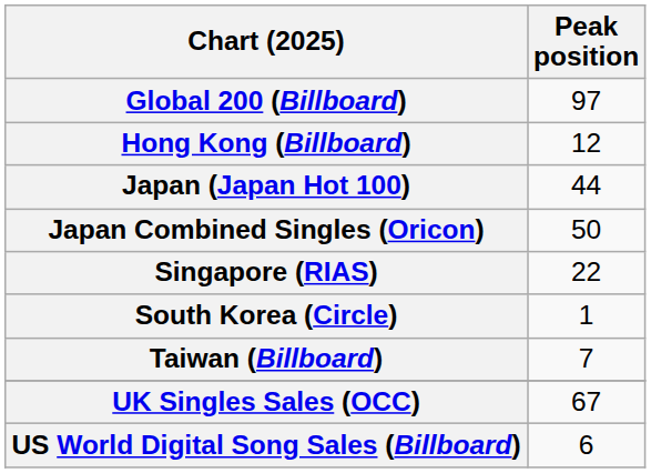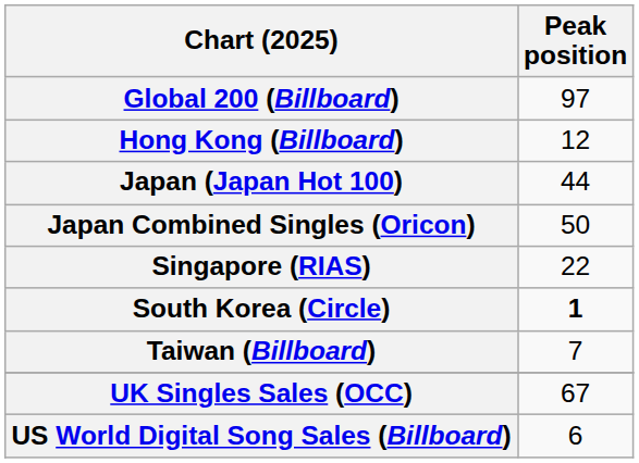 <table class="wikitable plainrowheaders sortable" style="text-align:center">
 <tr>
 <th scope="col">Chart (2025)</th>
 <th scope="col">Peak<br>position</th>
 </tr>
 <tr>
 <th scope="row"><a href='#'>Global 200</a> (<em><a href='#'>Billboard</a></em>)</th>
 <td>97</td>
 </tr>
 <tr>
 <th scope="row"><a href='#'>Hong Kong</a> (<em><a href='#'>Billboard</a></em>)</th>
 <td>12</td>
 </tr>
 <tr>
 <th scope="row">Japan (<a href='#'>Japan Hot 100</a>)</th>
 <td>44</td>
 </tr>
 <tr>
 <th scope="row">Japan Combined Singles (<a href='#'>Oricon</a>)</th>
 <td>50</td>
 </tr>
 <tr>
 <th scope="row">Singapore (<a href='#'>RIAS</a>)</th>
 <td>22</td>
 </tr>
 <tr>
 <th scope="row">South Korea (<a href='#'>Circle</a>)</th>
-<td>1</td>
+<td><strong>1</strong></td>
 </tr>
 <tr>
 <th scope="row">Taiwan (<em><a href='#'>Billboard</a></em>)</th>
 <td>7</td>
 </tr>
 <tr>
 </tr>
 <tr>
 <th scope="row"><a href='#'>UK Singles Sales</a> (<a href='#'>OCC</a>)</th>
 <td>67</td>
 </tr>
 <tr>
 <th scope="row">US <a href='#'>World Digital Song Sales</a> (<em><a href='#'>Billboard</a></em>)</th>
 <td>6</td>
 </tr>
 </table>
